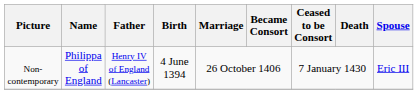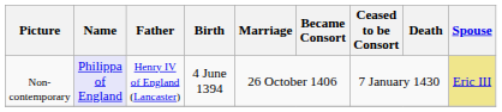 <table width=95% class="wikitable">
 <tr>
 <th width = "8%">Picture</th>
 <th width = "10%">Name</th>
 <th width = "9%">Father</th>
 <th width = "10%">Birth</th>
 <th width = "9%">Marriage</th>
 <th width = "9%">Became Consort</th>
 <th width = "9%">Ceased to be Consort</th>
 <th width = "9%">Death</th>
 <th width = "6%"><a href='#'>Spouse</a></th>
 </tr>
 <tr>
 <td align="center"><br><small>Non-contemporary</small></td>
-<td align="center"><a href='#'>Philippa of England</a><br></td>
+<td align="center" style="background: lavender;"><a href='#'>Philippa of England</a><br></td>
 <td align="center"><small><a href='#'>Henry IV of England</a><br>(<a href='#'>Lancaster</a>)</small></td>
 <td align="center">4 June 1394</td>
 <td align="center" colspan="2">26 October 1406</td>
 <td align="center" colspan="2">7 January 1430</td>
-<td align="center"><a href='#'>Eric III</a></td>
+<td align="center" style="background: khaki;"><a href='#'>Eric III</a></td>
 </tr>
 <tr>
 </tr>
 </table>
